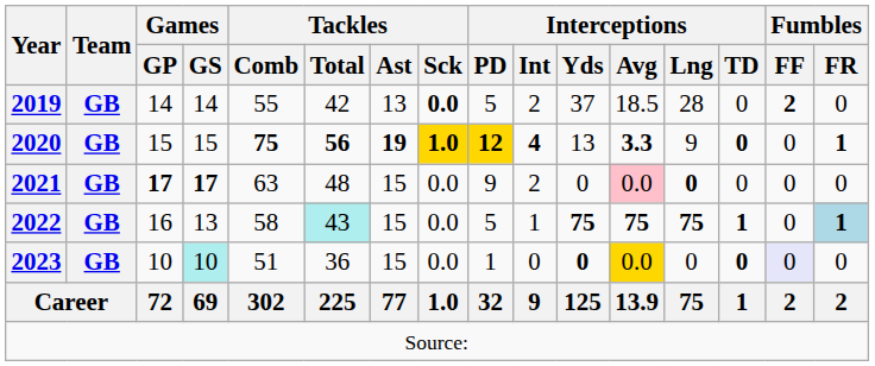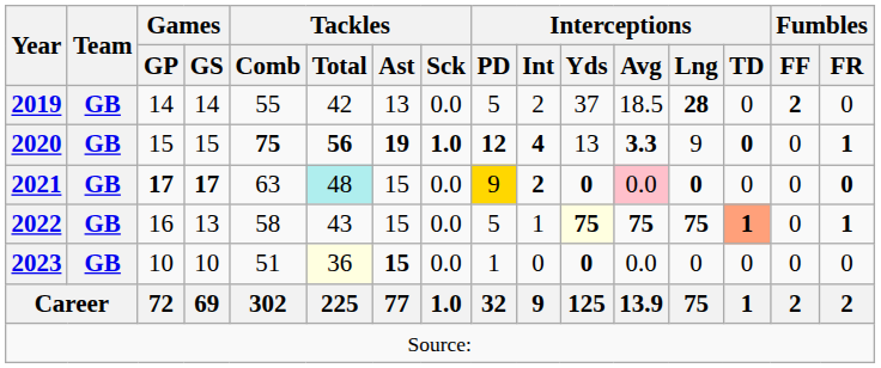 <table class="wikitable" style="text-align: center;">
 <tr>
 <th rowspan="2">Year</th>
 <th rowspan="2">Team</th>
 <th colspan="2">Games</th>
 <th colspan="4">Tackles</th>
 <th colspan="6">Interceptions</th>
 <th colspan="2">Fumbles</th>
 </tr>
 <tr>
 <th>GP</th>
 <th>GS</th>
 <th>Comb</th>
 <th>Total</th>
 <th>Ast</th>
 <th>Sck</th>
 <th>PD</th>
 <th>Int</th>
 <th>Yds</th>
 <th>Avg</th>
 <th>Lng</th>
 <th>TD</th>
 <th>FF</th>
 <th>FR</th>
 </tr>
 <tr>
 <th><a href='#'>2019</a></th>
 <th><a href='#'>GB</a></th>
 <td>14</td>
 <td>14</td>
 <td>55</td>
 <td>42</td>
 <td>13</td>
-<td><strong>0.0</strong></td>
+<td>0.0</td>
 <td>5</td>
 <td>2</td>
 <td>37</td>
 <td>18.5</td>
-<td>28</td>
+<td><strong>28</strong></td>
 <td>0</td>
 <td><strong>2</strong></td>
 <td>0</td>
 </tr>
 <tr>
 <th><a href='#'>2020</a></th>
 <th><a href='#'>GB</a></th>
 <td>15</td>
 <td>15</td>
 <td><strong>75</strong></td>
 <td><strong>56</strong></td>
 <td><strong>19</strong></td>
-<td style="background: gold;"><strong>1.0</strong></td>
-<td style="background: gold;"><strong>12</strong></td>
+<td><strong>1.0</strong></td>
+<td><strong>12</strong></td>
 <td><strong>4</strong></td>
 <td>13</td>
 <td><strong>3.3</strong></td>
 <td>9</td>
 <td><strong>0</strong></td>
 <td>0</td>
 <td><strong>1</strong></td>
 </tr>
 <tr>
 <th><a href='#'>2021</a></th>
 <th><a href='#'>GB</a></th>
 <td><strong>17</strong></td>
 <td><strong>17</strong></td>
 <td>63</td>
-<td>48</td>
+<td style="background: paleturquoise;">48</td>
 <td>15</td>
 <td>0.0</td>
-<td>9</td>
-<td>2</td>
-<td>0</td>
+<td style="background: gold;">9</td>
+<td><strong>2</strong></td>
+<td><strong>0</strong></td>
 <td style="background: pink;">0.0</td>
 <td><strong>0</strong></td>
 <td>0</td>
 <td>0</td>
-<td>0</td>
+<td><strong>0</strong></td>
 </tr>
 <tr>
 <th><a href='#'>2022</a></th>
 <th><a href='#'>GB</a></th>
 <td>16</td>
 <td>13</td>
 <td>58</td>
-<td style="background: paleturquoise;">43</td>
+<td>43</td>
 <td>15</td>
 <td>0.0</td>
 <td>5</td>
 <td>1</td>
+<td style="background: lightyellow;"><strong>75</strong></td>
 <td><strong>75</strong></td>
 <td><strong>75</strong></td>
-<td><strong>75</strong></td>
+<td style="background: lightsalmon;"><strong>1</strong></td>
+<td>0</td>
 <td><strong>1</strong></td>
-<td>0</td>
-<td style="background: lightblue;"><strong>1</strong></td>
 </tr>
 <tr>
 <th><a href='#'>2023</a></th>
 <th><a href='#'>GB</a></th>
 <td>10</td>
-<td style="background: paleturquoise;">10</td>
+<td>10</td>
 <td>51</td>
-<td>36</td>
-<td>15</td>
+<td style="background: lightyellow;">36</td>
+<td><strong>15</strong></td>
 <td>0.0</td>
 <td>1</td>
 <td>0</td>
 <td><strong>0</strong></td>
-<td style="background: gold;">0.0</td>
+<td>0.0</td>
 <td>0</td>
-<td><strong>0</strong></td>
-<td style="background: lavender;">0</td>
+<td>0</td>
+<td>0</td>
 <td>0</td>
 </tr>
 <tr>
 <th colspan="2">Career</th>
 <th>72</th>
 <th>69</th>
 <th>302</th>
 <th>225</th>
 <th>77</th>
 <th>1.0</th>
 <th>32</th>
 <th>9</th>
 <th>125</th>
 <th>13.9</th>
 <th>75</th>
 <th>1</th>
 <th>2</th>
 <th>2</th>
 </tr>
 <tr>
 <td colspan="17"><small>Source: </small></td>
 </tr>
 </table>
